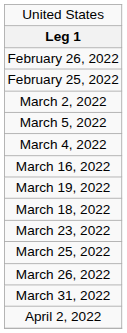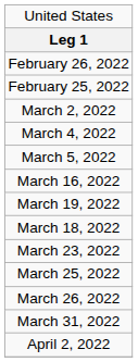 <table class="wikitable" style="text-align:center;">
 <tr>
 <td>United States</td>
 </tr>
 <tr>
 <th>Leg 1</th>
 </tr>
 <tr>
 <td>February 26, 2022</td>
 </tr>
 <tr>
 <td>February 25, 2022</td>
 </tr>
 <tr>
 <td>March 2, 2022</td>
 </tr>
 <tr>
-<td>March 5, 2022</td>
+<td>March 4, 2022</td>
 </tr>
 <tr>
-<td>March 4, 2022</td>
+<td>March 5, 2022</td>
 </tr>
 <tr>
 <td>March 16, 2022</td>
 </tr>
 <tr>
 <td>March 19, 2022</td>
 </tr>
 <tr>
 <td>March 18, 2022</td>
 </tr>
 <tr>
 <td>March 23, 2022</td>
 </tr>
 <tr>
 <td>March 25, 2022</td>
 </tr>
 <tr>
 <td>March 26, 2022</td>
 </tr>
 <tr>
 <td>March 31, 2022</td>
 </tr>
 <tr>
 <td>April 2, 2022</td>
 </tr>
 <tr>
 </tr>
 </table>
